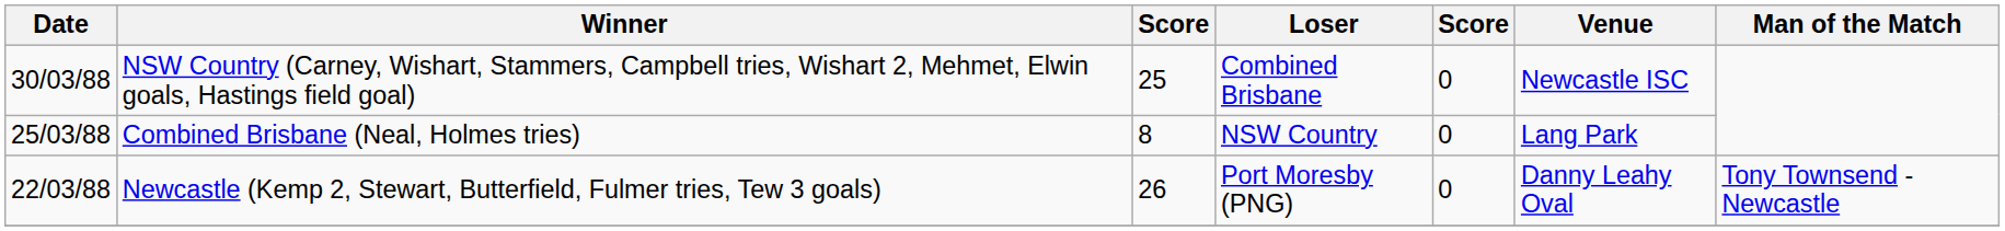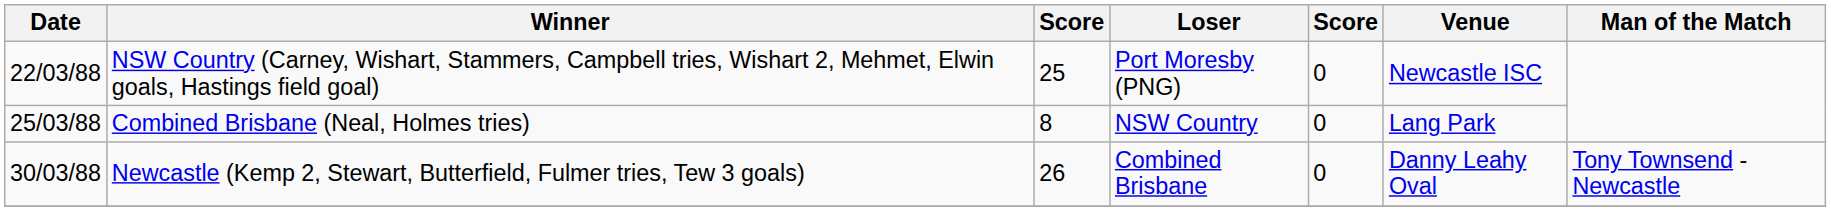 <table class="wikitable">
 <tr>
 <th>Date</th>
 <th>Winner</th>
 <th>Score</th>
 <th>Loser</th>
 <th>Score</th>
 <th>Venue</th>
 <th>Man of the Match</th>
 </tr>
 <tr>
-<td>30/03/88</td>
+<td>22/03/88</td>
 <td> <a href='#'>NSW Country</a> (Carney, Wishart, Stammers, Campbell tries, Wishart 2, Mehmet, Elwin goals, Hastings field goal)</td>
 <td>25</td>
-<td> <a href='#'>Combined Brisbane</a></td>
+<td> <a href='#'>Port Moresby</a> (PNG)</td>
 <td>0</td>
 <td><a href='#'>Newcastle ISC</a></td>
 </tr>
 <tr>
 <td>25/03/88</td>
 <td> <a href='#'>Combined Brisbane</a> (Neal, Holmes tries)</td>
 <td>8</td>
 <td> <a href='#'>NSW Country</a></td>
 <td>0</td>
 <td><a href='#'>Lang Park</a></td>
 </tr>
 <tr>
-<td>22/03/88</td>
+<td>30/03/88</td>
 <td> <a href='#'>Newcastle</a> (Kemp 2, Stewart, Butterfield, Fulmer tries, Tew 3 goals)</td>
 <td>26</td>
-<td> <a href='#'>Port Moresby</a> (PNG)</td>
+<td> <a href='#'>Combined Brisbane</a></td>
 <td>0</td>
 <td><a href='#'>Danny Leahy Oval</a></td>
 <td><a href='#'>Tony Townsend</a> - <a href='#'>Newcastle</a></td>
 </tr>
 <tr>
 </tr>
 </table>
